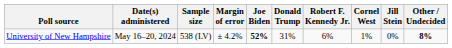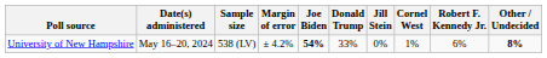 <table class="wikitable sortable mw-datatable" style="font-size:90%;text-align:center;line-height:17px">
 <tr valign=bottom>
 <th>Poll source</th>
 <th>Date(s)<br>administered</th>
 <th>Sample<br>size</th>
 <th>Margin<br>of error</th>
 <th class="unsortable">Joe<br>Biden<br></th>
 <th class="unsortable">Donald<br>Trump<br></th>
+<th class="unsortable">Jill<br>Stein<br></th>
+<th class="unsortable">Cornel<br>West<br></th>
 <th class="unsortable">Robert F.<br>Kennedy Jr.<br></th>
-<th class="unsortable">Cornel<br>West<br></th>
-<th class="unsortable">Jill<br>Stein<br></th>
 <th class="unsortable">Other /<br>Undecided</th>
 </tr>
 <tr>
 <td style="text-align:left;"><a href='#'>University of New Hampshire</a></td>
 <td data-sort-value="2024-05-23">May 16–20, 2024</td>
 <td>538 (LV)</td>
 <td>± 4.2%</td>
-<td style="color:black;background-color:"><strong>52%</strong></td>
-<td>31%</td>
+<td style="color:black;background-color:"><strong>54%</strong></td>
+<td>33%</td>
+<td>0%</td>
+<td>1%</td>
 <td>6%</td>
-<td>1%</td>
-<td>0%</td>
 <td><strong>8%</strong></td>
 </tr>
 </table>
